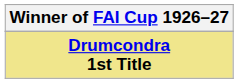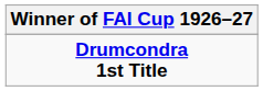 <table class="wikitable" style="text-align: center; margin: 0 auto;">
 <tr>
 <th>Winner of <a href='#'>FAI Cup</a> 1926–27</th>
 </tr>
 <tr>
 </tr>
 <tr>
-<td style="background: khaki;"><strong><a href='#'>Drumcondra</a></strong><br><strong>1st Title</strong></td>
+<td><strong><a href='#'>Drumcondra</a></strong><br><strong>1st Title</strong></td>
 </tr>
 </table>
